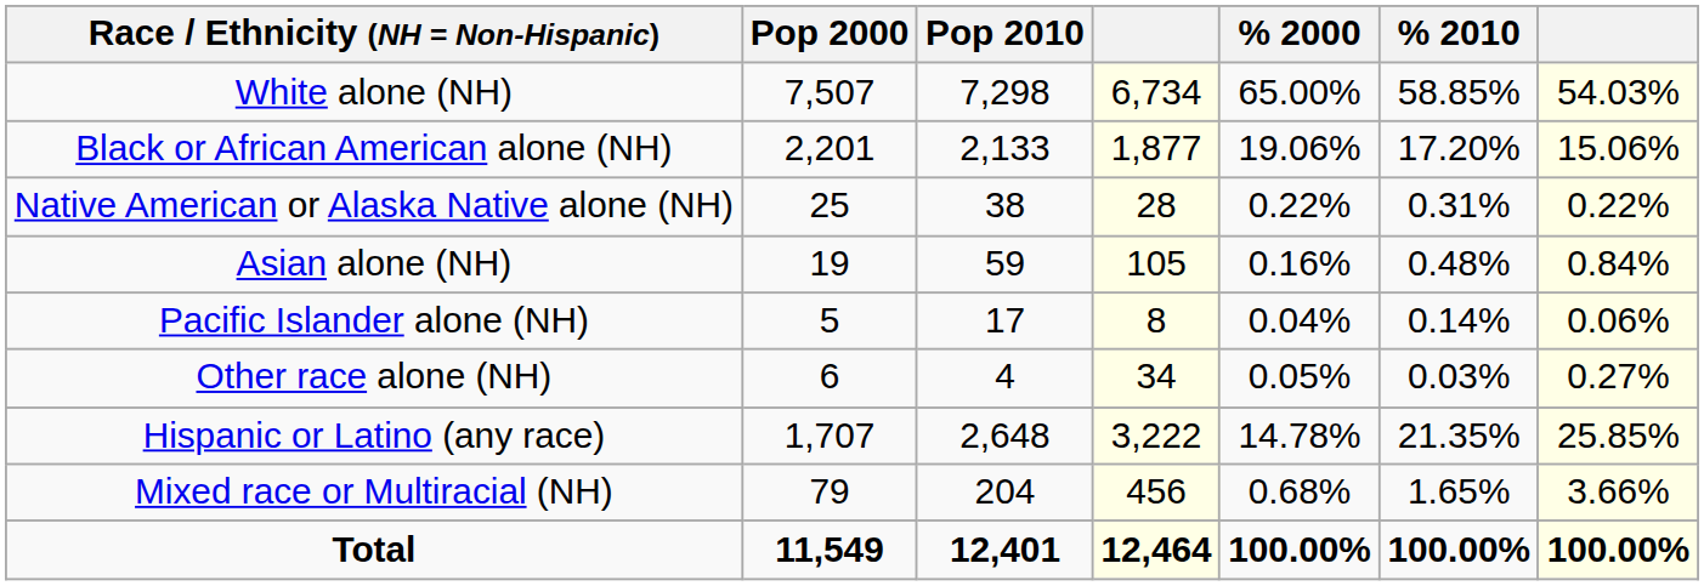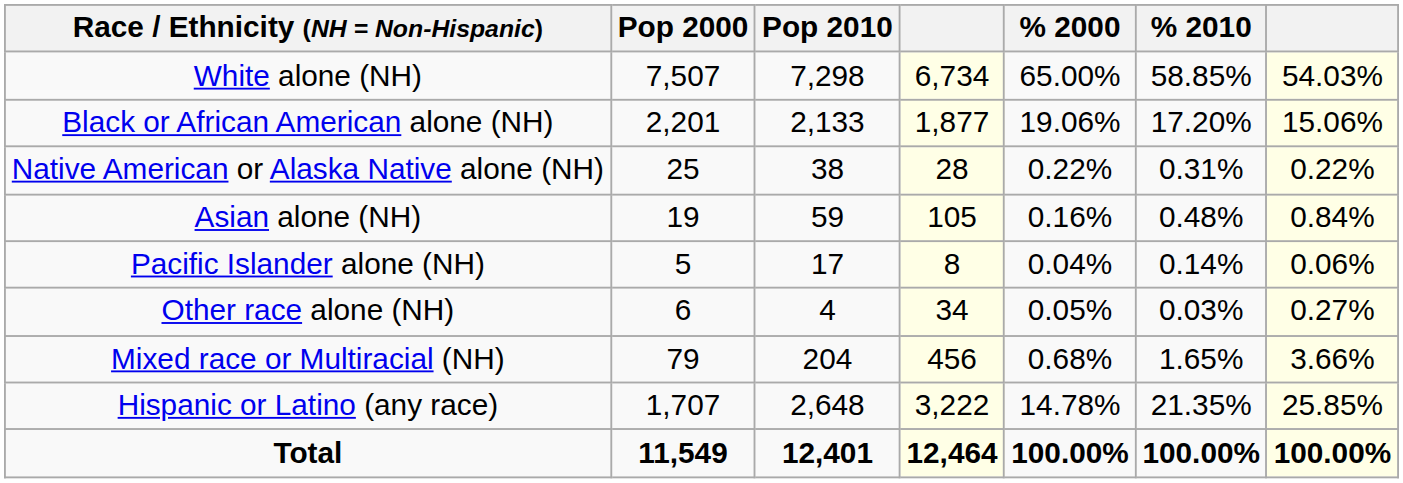 <table class="wikitable" style="text-align:center;">
 <tr>
 <th>Race / Ethnicity <small>(<em>NH = Non-Hispanic</em>)</small></th>
 <th>Pop 2000</th>
 <th>Pop 2010</th>
 <th></th>
 <th>% 2000</th>
 <th>% 2010</th>
 <th></th>
 </tr>
 <tr>
 <td><a href='#'>White</a> alone (NH)</td>
 <td>7,507</td>
 <td>7,298</td>
 <td style='background: #ffffe6;'>6,734</td>
 <td>65.00%</td>
 <td>58.85%</td>
 <td style='background: #ffffe6;'>54.03%</td>
 </tr>
 <tr>
 <td><a href='#'>Black or African American</a> alone (NH)</td>
 <td>2,201</td>
 <td>2,133</td>
 <td style='background: #ffffe6;'>1,877</td>
 <td>19.06%</td>
 <td>17.20%</td>
 <td style='background: #ffffe6;'>15.06%</td>
 </tr>
 <tr>
 <td><a href='#'>Native American</a> or <a href='#'>Alaska Native</a> alone (NH)</td>
 <td>25</td>
 <td>38</td>
 <td style='background: #ffffe6;'>28</td>
 <td>0.22%</td>
 <td>0.31%</td>
 <td style='background: #ffffe6;'>0.22%</td>
 </tr>
 <tr>
 <td><a href='#'>Asian</a> alone (NH)</td>
 <td>19</td>
 <td>59</td>
 <td style='background: #ffffe6;'>105</td>
 <td>0.16%</td>
 <td>0.48%</td>
 <td style='background: #ffffe6;'>0.84%</td>
 </tr>
 <tr>
 <td><a href='#'>Pacific Islander</a> alone (NH)</td>
 <td>5</td>
 <td>17</td>
 <td style='background: #ffffe6;'>8</td>
 <td>0.04%</td>
 <td>0.14%</td>
 <td style='background: #ffffe6;'>0.06%</td>
 </tr>
 <tr>
 <td><a href='#'>Other race</a> alone (NH)</td>
 <td>6</td>
 <td>4</td>
 <td style='background: #ffffe6;'>34</td>
 <td>0.05%</td>
 <td>0.03%</td>
 <td style='background: #ffffe6;'>0.27%</td>
 </tr>
 <tr>
+<td><a href='#'>Mixed race or Multiracial</a> (NH)</td>
+<td>79</td>
+<td>204</td>
+<td style='background: #ffffe6;'>456</td>
+<td>0.68%</td>
+<td>1.65%</td>
+<td style='background: #ffffe6;'>3.66%</td>
+</tr>
+<tr>
 <td><a href='#'>Hispanic or Latino</a> (any race)</td>
 <td>1,707</td>
 <td>2,648</td>
 <td style='background: #ffffe6;'>3,222</td>
 <td>14.78%</td>
 <td>21.35%</td>
 <td style='background: #ffffe6;'>25.85%</td>
-</tr>
-<tr>
-<td><a href='#'>Mixed race or Multiracial</a> (NH)</td>
-<td>79</td>
-<td>204</td>
-<td style='background: #ffffe6;'>456</td>
-<td>0.68%</td>
-<td>1.65%</td>
-<td style='background: #ffffe6;'>3.66%</td>
 </tr>
 <tr>
 <td><strong>Total</strong></td>
 <td><strong>11,549</strong></td>
 <td><strong>12,401</strong></td>
 <td style='background: #ffffe6;'><strong>12,464</strong></td>
 <td><strong>100.00%</strong></td>
 <td><strong>100.00%</strong></td>
 <td style='background: #ffffe6;'><strong>100.00%</strong></td>
 </tr>
 </table>
